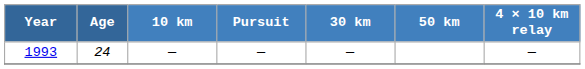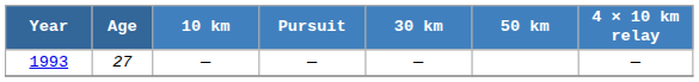 <table class="wikitable" style="font-size:95%; text-align:center; border:grey solid 1px; border-collapse:collapse; background:#ffffff;">
 <tr>
 <th style="background-color:#369; color:white; width:60px;"> Year </th>
 <th style="background-color:#369; color:white; width:40px;"> Age </th>
 <th style="background-color:#4180be; color:white; width:75px;"> 10 km </th>
 <th style="background-color:#4180be; color:white; width:75px;"> Pursuit </th>
 <th style="background-color:#4180be; color:white; width:75px;"> 30 km </th>
 <th style="background-color:#4180be; color:white; width:75px;"> 50 km </th>
 <th style="background-color:#4180be; color:white; width:75px;"> 4 × 10 km <br> relay </th>
 </tr>
 <tr>
 <td><a href='#'>1993</a></td>
-<td><em>24</em></td>
+<td><em>27</em></td>
 <td>—</td>
 <td>—</td>
 <td>—</td>
 <td></td>
 <td>—</td>
 </tr>
 <tr>
 </tr>
 </table>
